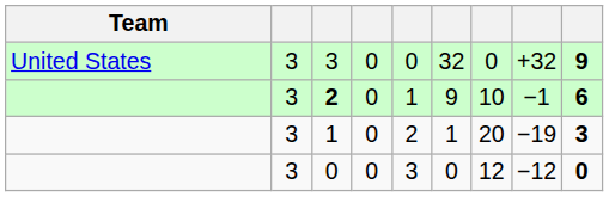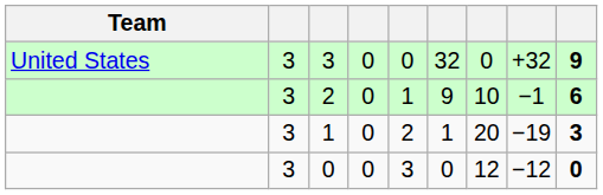 <table class="wikitable" style="text-align: center;">
 <tr>
 <th width="175">Team</th>
 <th width="20"></th>
 <th width="20"></th>
 <th width="20"></th>
 <th width="20"></th>
 <th width="20"></th>
 <th width="20"></th>
 <th width="20"></th>
 <th width="20"></th>
 </tr>
 <tr style="background:#ccffcc;">
 <td align=left> <a href='#'>United States</a></td>
 <td>3</td>
 <td>3</td>
 <td>0</td>
 <td>0</td>
 <td>32</td>
 <td>0</td>
 <td>+32</td>
 <td><strong>9</strong></td>
 </tr>
 <tr style="background:#ccffcc;">
 <td align=left></td>
 <td>3</td>
-<td><strong>2</strong></td>
+<td>2</td>
 <td>0</td>
 <td>1</td>
 <td>9</td>
 <td>10</td>
 <td>−1</td>
 <td><strong>6</strong></td>
 </tr>
 <tr>
 <td align=left></td>
 <td>3</td>
 <td>1</td>
 <td>0</td>
 <td>2</td>
 <td>1</td>
 <td>20</td>
 <td>−19</td>
 <td><strong>3</strong></td>
 </tr>
 <tr>
 <td align=left></td>
 <td>3</td>
 <td>0</td>
 <td>0</td>
 <td>3</td>
 <td>0</td>
 <td>12</td>
 <td>−12</td>
 <td><strong>0</strong></td>
 </tr>
 </table>
